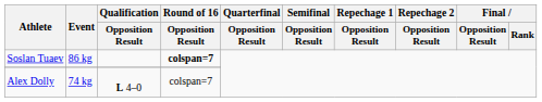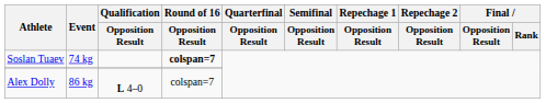 <table class="wikitable" style="font-size:90%">
 <tr>
 <th rowspan="2">Athlete</th>
 <th rowspan="2">Event</th>
 <th>Qualification</th>
 <th>Round of 16</th>
 <th>Quarterfinal</th>
 <th>Semifinal</th>
 <th>Repechage 1</th>
 <th>Repechage 2</th>
 <th colspan=2>Final / </th>
 </tr>
 <tr style="font-size: 95%">
 <th>Opposition<br>Result</th>
 <th>Opposition<br>Result</th>
 <th>Opposition<br>Result</th>
 <th>Opposition<br>Result</th>
 <th>Opposition<br>Result</th>
 <th>Opposition<br>Result</th>
 <th>Opposition<br>Result</th>
 <th>Rank</th>
 </tr>
 <tr align=center>
 <td align=left><a href='#'>Soslan Tuaev</a></td>
-<td align=left><a href='#'>86 kg</a></td>
+<td align=left><a href='#'>74 kg</a></td>
 <td></td>
 <td><strong>colspan=7 </strong></td>
 </tr>
 <tr>
 </tr>
 <tr align=center>
 <td align=left><a href='#'>Alex Dolly</a></td>
-<td align=left><a href='#'>74 kg</a></td>
+<td align=left><a href='#'>86 kg</a></td>
 <td><br><strong>L</strong> 4–0</td>
 <td>colspan=7 </td>
 </tr>
 </table>
